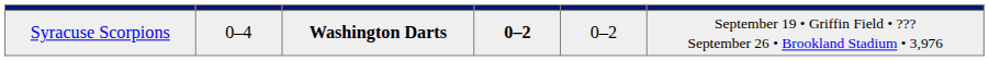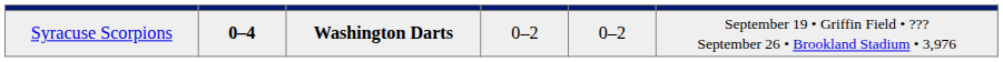 <table style=border-collapse:collapse border=1 cellspacing=0 cellpadding=2>
 <tr align=center bgcolor=#071871>
 <th width=180></th>
 <th width=80></th>
 <th width=180></th>
 <th width=80></th>
 <th width=80></th>
 <td width=330></td>
 </tr>
 <tr align=center bgcolor=#efefef>
 <td align=center><a href='#'>Syracuse Scorpions</a></td>
-<td>0–4</td>
+<td><strong>0–4</strong></td>
 <td align=center><strong>Washington Darts</strong></td>
-<td><strong>0–2</strong></td>
+<td>0–2</td>
 <td>0–2</td>
 <td><small>September 19 •  Griffin Field • ???<br>September 26 • <a href='#'>Brookland Stadium</a> • 3,976</small></td>
 </tr>
 </table>
